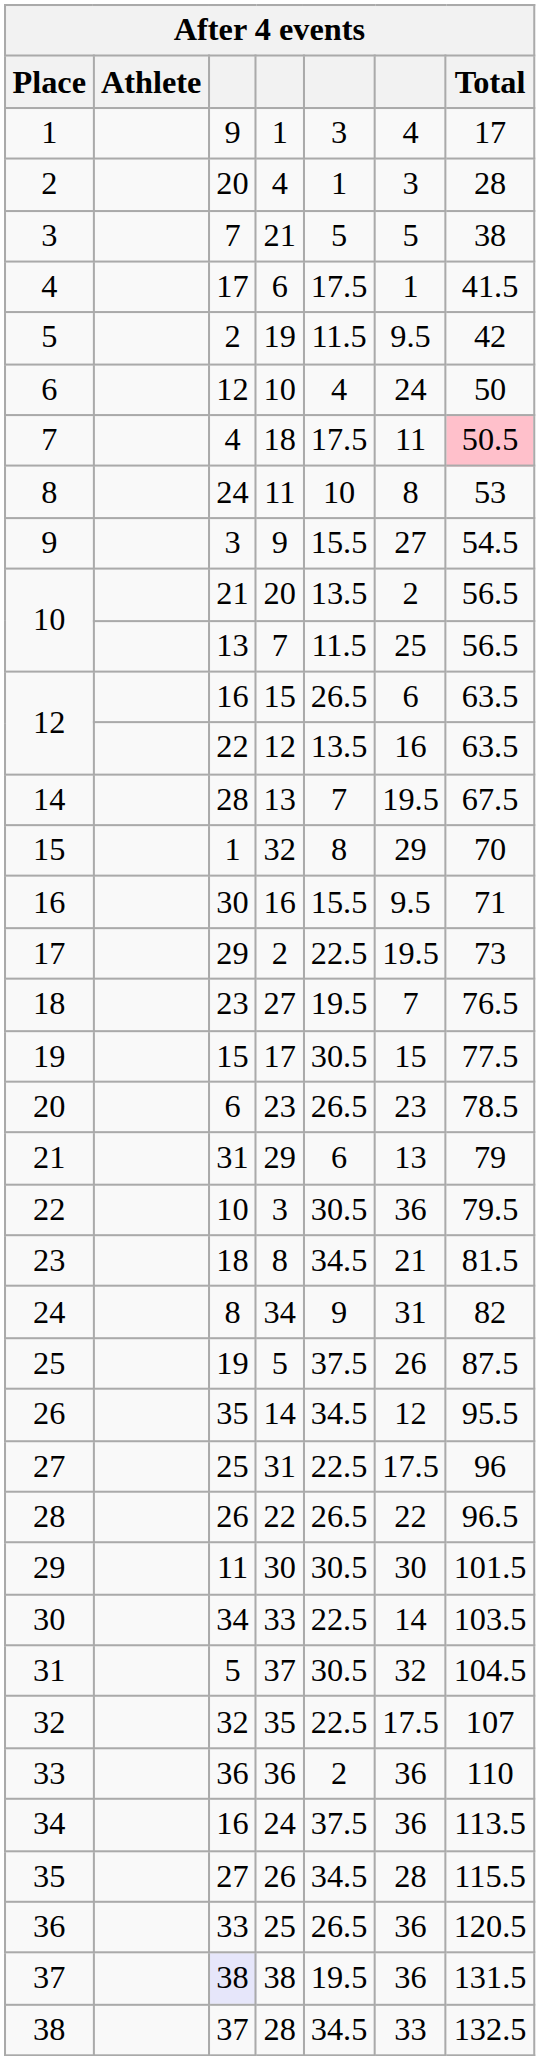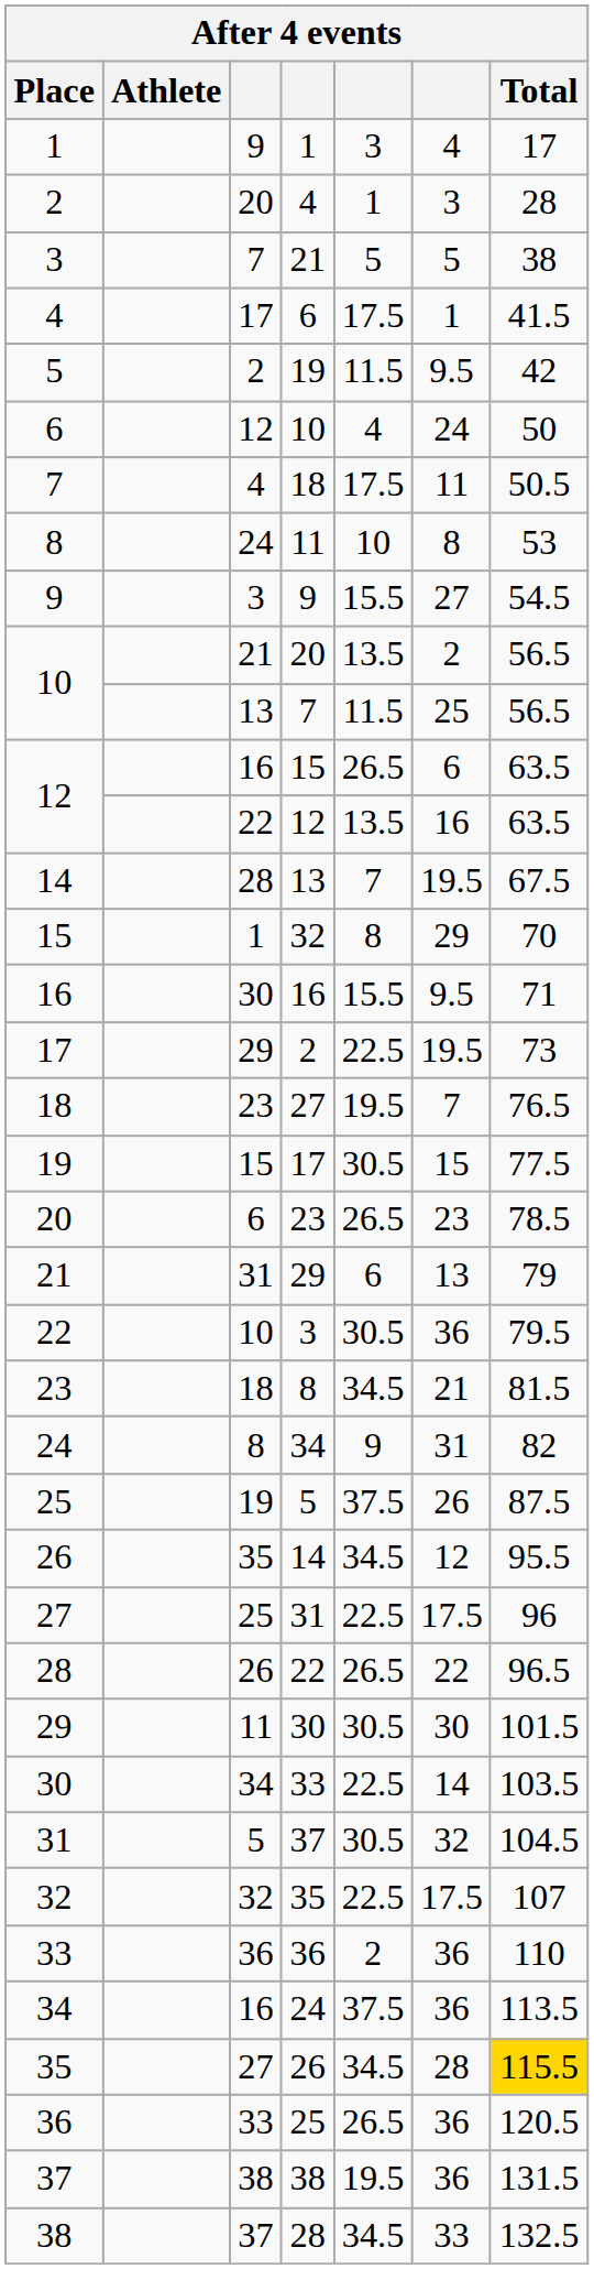 <table class=wikitable style="text-align:center">
 <tr>
 <th colspan=7><strong>After 4 events</strong></th>
 </tr>
 <tr>
 <th>Place</th>
 <th>Athlete</th>
 <th></th>
 <th></th>
 <th></th>
 <th></th>
 <th>Total</th>
 </tr>
 <tr>
 <td>1</td>
 <td align=left></td>
 <td>9</td>
 <td>1</td>
 <td>3</td>
 <td>4</td>
 <td>17</td>
 </tr>
 <tr>
 <td>2</td>
 <td align=left></td>
 <td>20</td>
 <td>4</td>
 <td>1</td>
 <td>3</td>
 <td>28</td>
 </tr>
 <tr>
 <td>3</td>
 <td align=left></td>
 <td>7</td>
 <td>21</td>
 <td>5</td>
 <td>5</td>
 <td>38</td>
 </tr>
 <tr>
 <td>4</td>
 <td align=left></td>
 <td>17</td>
 <td>6</td>
 <td>17.5</td>
 <td>1</td>
 <td>41.5</td>
 </tr>
 <tr>
 <td>5</td>
 <td align=left></td>
 <td>2</td>
 <td>19</td>
 <td>11.5</td>
 <td>9.5</td>
 <td>42</td>
 </tr>
 <tr>
 <td>6</td>
 <td align=left></td>
 <td>12</td>
 <td>10</td>
 <td>4</td>
 <td>24</td>
 <td>50</td>
 </tr>
 <tr>
 <td>7</td>
 <td align=left></td>
 <td>4</td>
 <td>18</td>
 <td>17.5</td>
 <td>11</td>
-<td style="background: pink;">50.5</td>
+<td>50.5</td>
 </tr>
 <tr>
 <td>8</td>
 <td align=left></td>
 <td>24</td>
 <td>11</td>
 <td>10</td>
 <td>8</td>
 <td>53</td>
 </tr>
 <tr>
 <td>9</td>
 <td align=left></td>
 <td>3</td>
 <td>9</td>
 <td>15.5</td>
 <td>27</td>
 <td>54.5</td>
 </tr>
 <tr>
 <td rowspan=2>10</td>
 <td align=left></td>
 <td>21</td>
 <td>20</td>
 <td>13.5</td>
 <td>2</td>
 <td>56.5</td>
 </tr>
 <tr>
 <td align=left></td>
 <td>13</td>
 <td>7</td>
 <td>11.5</td>
 <td>25</td>
 <td>56.5</td>
 </tr>
 <tr>
 <td rowspan=2>12</td>
 <td align=left></td>
 <td>16</td>
 <td>15</td>
 <td>26.5</td>
 <td>6</td>
 <td>63.5</td>
 </tr>
 <tr>
 <td align=left></td>
 <td>22</td>
 <td>12</td>
 <td>13.5</td>
 <td>16</td>
 <td>63.5</td>
 </tr>
 <tr>
 <td>14</td>
 <td align=left></td>
 <td>28</td>
 <td>13</td>
 <td>7</td>
 <td>19.5</td>
 <td>67.5</td>
 </tr>
 <tr>
 <td>15</td>
 <td align=left></td>
 <td>1</td>
 <td>32</td>
 <td>8</td>
 <td>29</td>
 <td>70</td>
 </tr>
 <tr>
 <td>16</td>
 <td align=left></td>
 <td>30</td>
 <td>16</td>
 <td>15.5</td>
 <td>9.5</td>
 <td>71</td>
 </tr>
 <tr>
 <td>17</td>
 <td align=left></td>
 <td>29</td>
 <td>2</td>
 <td>22.5</td>
 <td>19.5</td>
 <td>73</td>
 </tr>
 <tr>
 <td>18</td>
 <td align=left></td>
 <td>23</td>
 <td>27</td>
 <td>19.5</td>
 <td>7</td>
 <td>76.5</td>
 </tr>
 <tr>
 <td>19</td>
 <td align=left></td>
 <td>15</td>
 <td>17</td>
 <td>30.5</td>
 <td>15</td>
 <td>77.5</td>
 </tr>
 <tr>
 <td>20</td>
 <td align=left></td>
 <td>6</td>
 <td>23</td>
 <td>26.5</td>
 <td>23</td>
 <td>78.5</td>
 </tr>
 <tr>
 <td>21</td>
 <td align=left></td>
 <td>31</td>
 <td>29</td>
 <td>6</td>
 <td>13</td>
 <td>79</td>
 </tr>
 <tr>
 <td>22</td>
 <td align=left></td>
 <td>10</td>
 <td>3</td>
 <td>30.5</td>
 <td>36</td>
 <td>79.5</td>
 </tr>
 <tr>
 <td>23</td>
 <td align=left></td>
 <td>18</td>
 <td>8</td>
 <td>34.5</td>
 <td>21</td>
 <td>81.5</td>
 </tr>
 <tr>
 <td>24</td>
 <td align=left></td>
 <td>8</td>
 <td>34</td>
 <td>9</td>
 <td>31</td>
 <td>82</td>
 </tr>
 <tr>
 <td>25</td>
 <td align=left></td>
 <td>19</td>
 <td>5</td>
 <td>37.5</td>
 <td>26</td>
 <td>87.5</td>
 </tr>
 <tr>
 <td>26</td>
 <td align=left></td>
 <td>35</td>
 <td>14</td>
 <td>34.5</td>
 <td>12</td>
 <td>95.5</td>
 </tr>
 <tr>
 <td>27</td>
 <td align=left></td>
 <td>25</td>
 <td>31</td>
 <td>22.5</td>
 <td>17.5</td>
 <td>96</td>
 </tr>
 <tr>
 <td>28</td>
 <td align=left></td>
 <td>26</td>
 <td>22</td>
 <td>26.5</td>
 <td>22</td>
 <td>96.5</td>
 </tr>
 <tr>
 <td>29</td>
 <td align=left></td>
 <td>11</td>
 <td>30</td>
 <td>30.5</td>
 <td>30</td>
 <td>101.5</td>
 </tr>
 <tr>
 <td>30</td>
 <td align=left></td>
 <td>34</td>
 <td>33</td>
 <td>22.5</td>
 <td>14</td>
 <td>103.5</td>
 </tr>
 <tr>
 <td>31</td>
 <td align=left></td>
 <td>5</td>
 <td>37</td>
 <td>30.5</td>
 <td>32</td>
 <td>104.5</td>
 </tr>
 <tr>
 <td>32</td>
 <td align=left></td>
 <td>32</td>
 <td>35</td>
 <td>22.5</td>
 <td>17.5</td>
 <td>107</td>
 </tr>
 <tr>
 <td>33</td>
 <td align=left></td>
 <td>36</td>
 <td>36</td>
 <td>2</td>
 <td>36</td>
 <td>110</td>
 </tr>
 <tr>
 <td>34</td>
 <td align=left></td>
 <td>16</td>
 <td>24</td>
 <td>37.5</td>
 <td>36</td>
 <td>113.5</td>
 </tr>
 <tr>
 <td>35</td>
 <td align=left></td>
 <td>27</td>
 <td>26</td>
 <td>34.5</td>
 <td>28</td>
-<td>115.5</td>
+<td style="background: gold;">115.5</td>
 </tr>
 <tr>
 <td>36</td>
 <td align=left></td>
 <td>33</td>
 <td>25</td>
 <td>26.5</td>
 <td>36</td>
 <td>120.5</td>
 </tr>
 <tr>
 <td>37</td>
 <td align=left></td>
-<td style="background: lavender;">38</td>
+<td>38</td>
 <td>38</td>
 <td>19.5</td>
 <td>36</td>
 <td>131.5</td>
 </tr>
 <tr>
 <td>38</td>
 <td align=left></td>
 <td>37</td>
 <td>28</td>
 <td>34.5</td>
 <td>33</td>
 <td>132.5</td>
 </tr>
 </table>
